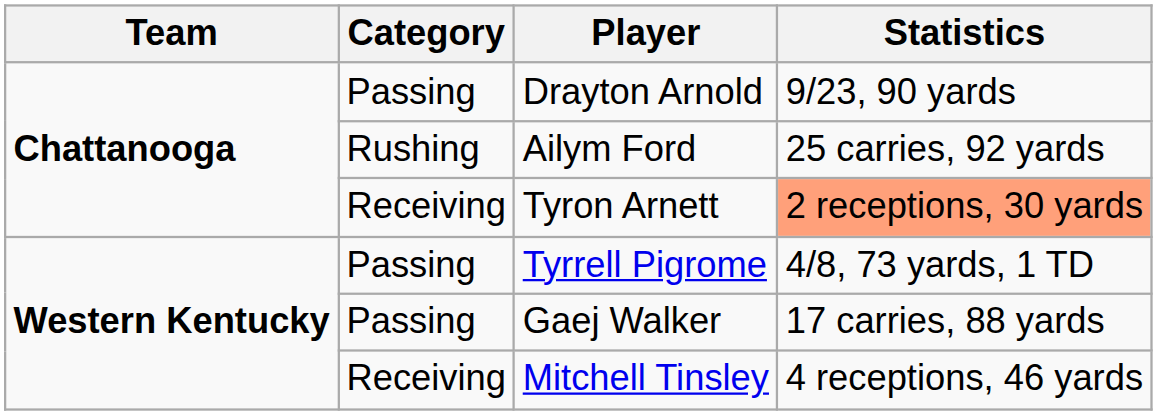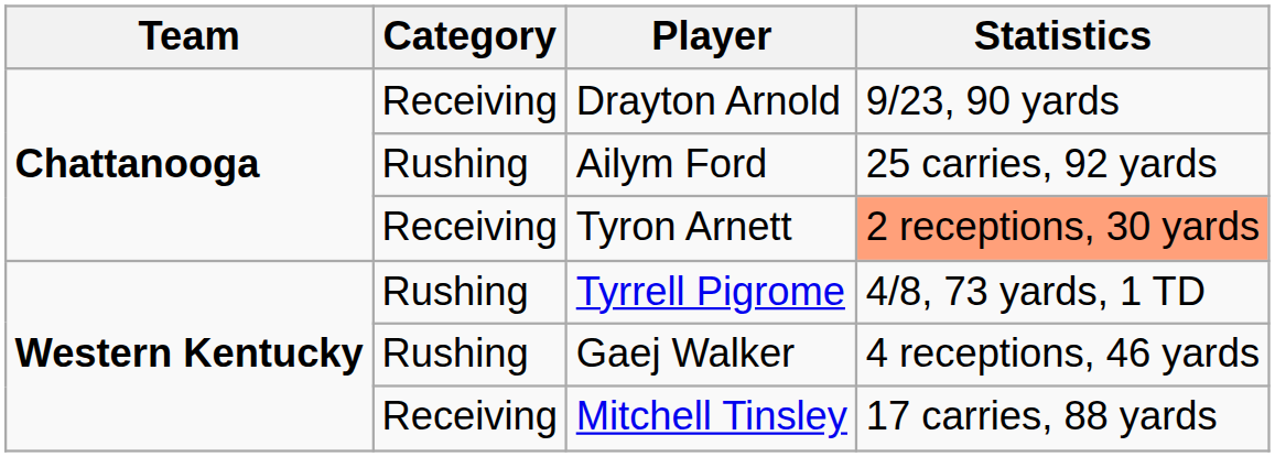 <table class="wikitable" style="float: left;">
 <tr>
 <th>Team</th>
 <th>Category</th>
 <th>Player</th>
 <th>Statistics</th>
 </tr>
 <tr>
 <td rowspan=3><strong>Chattanooga</strong></td>
-<td>Passing</td>
+<td>Receiving</td>
 <td>Drayton Arnold</td>
 <td>9/23, 90 yards</td>
 </tr>
 <tr>
 <td>Rushing</td>
 <td>Ailym Ford</td>
 <td>25 carries, 92 yards</td>
 </tr>
 <tr>
 <td>Receiving</td>
 <td>Tyron Arnett</td>
 <td style="background: lightsalmon;">2 receptions, 30 yards</td>
 </tr>
 <tr>
 <td rowspan=3><strong>Western Kentucky</strong></td>
-<td>Passing</td>
+<td>Rushing</td>
 <td><a href='#'>Tyrrell Pigrome</a></td>
 <td>4/8, 73 yards, 1 TD</td>
 </tr>
 <tr>
-<td>Passing</td>
+<td>Rushing</td>
 <td>Gaej Walker</td>
-<td>17 carries, 88 yards</td>
+<td>4 receptions, 46 yards</td>
 </tr>
 <tr>
 <td>Receiving</td>
 <td><a href='#'>Mitchell Tinsley</a></td>
-<td>4 receptions, 46 yards</td>
+<td>17 carries, 88 yards</td>
 </tr>
 </table>
